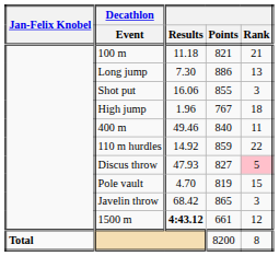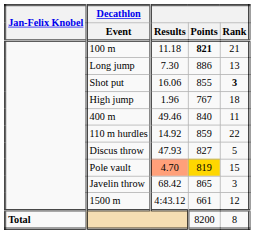 <table class=wikitable style="font-size:90%; border: double;">
 <tr>
 <th style="border-right:double" rowspan="2"><a href='#'>Jan-Felix Knobel</a></th>
 <th style="border-right:double"><a href='#'>Decathlon</a></th>
 <th colspan="3"></th>
 </tr>
 <tr>
 <th style="border-right:double">Event</th>
 <th>Results</th>
 <th>Points</th>
 <th>Rank</th>
 </tr>
 <tr style="border-top: double;">
 <td style="border-right:double" rowspan="10"></td>
 <td style="border-right:double">100 m</td>
 <td align=center>11.18</td>
-<td align=center>821</td>
+<td align=center><strong>821</strong></td>
 <td align=center>21</td>
 </tr>
 <tr>
 <td style="border-right:double">Long jump</td>
 <td align=center>7.30</td>
 <td align=center>886</td>
 <td align=center>13</td>
 </tr>
 <tr>
 <td style="border-right:double">Shot put</td>
 <td align=center>16.06</td>
 <td align=center>855</td>
-<td align=center>3</td>
+<td align=center><strong>3</strong></td>
 </tr>
 <tr>
 <td style="border-right:double">High jump</td>
 <td align=center>1.96</td>
 <td align=center>767</td>
 <td align=center>18</td>
 </tr>
 <tr>
 <td style="border-right:double">400 m</td>
 <td align=center>49.46</td>
 <td align=center>840</td>
 <td align=center>11</td>
 </tr>
 <tr>
 <td style="border-right:double">110 m hurdles</td>
 <td align=center>14.92</td>
 <td align=center>859</td>
 <td align=center>22</td>
 </tr>
 <tr>
 <td style="border-right:double">Discus throw</td>
 <td align=center>47.93</td>
 <td align=center>827</td>
-<td align=center style="background: pink;">5</td>
+<td align=center>5</td>
 </tr>
 <tr>
 <td style="border-right:double">Pole vault</td>
-<td align=center>4.70</td>
-<td align=center>819</td>
+<td align=center style="background: lightsalmon;">4.70</td>
+<td align=center style="background: gold;">819</td>
 <td align=center>15</td>
 </tr>
 <tr>
 <td style="border-right:double">Javelin throw</td>
 <td align=center>68.42</td>
 <td align=center>865</td>
 <td align=center>3</td>
 </tr>
 <tr>
 <td style="border-right:double">1500 m</td>
-<td align=center><strong>4:43.12</strong></td>
+<td align=center>4:43.12</td>
 <td align=center>661</td>
 <td align=center>12</td>
 </tr>
 <tr style="border-top: double;">
 <td style="border-right:double"><strong>Total</strong></td>
 <td colspan="2" style="background:wheat; border-right:double;"></td>
 <td align=center>8200</td>
 <td align=center>8</td>
 </tr>
 </table>
